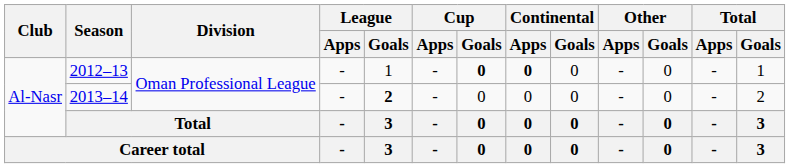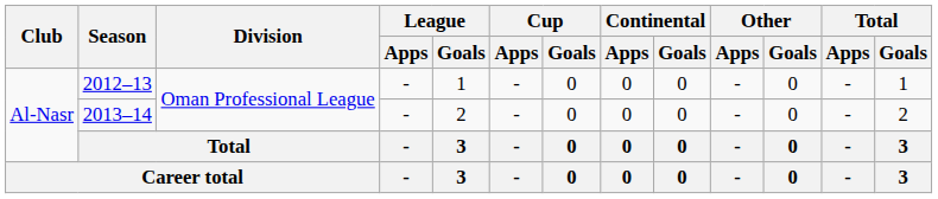 <table class="wikitable" style="text-align: center;">
 <tr>
 <th rowspan="2">Club</th>
 <th rowspan="2">Season</th>
 <th rowspan="2">Division</th>
 <th colspan="2">League</th>
 <th colspan="2">Cup</th>
 <th colspan="2">Continental</th>
 <th colspan="2">Other</th>
 <th colspan="2">Total</th>
 </tr>
 <tr>
 <th>Apps</th>
 <th>Goals</th>
 <th>Apps</th>
 <th>Goals</th>
 <th>Apps</th>
 <th>Goals</th>
 <th>Apps</th>
 <th>Goals</th>
 <th>Apps</th>
 <th>Goals</th>
 </tr>
 <tr>
 <td rowspan="3"><a href='#'>Al-Nasr</a></td>
 <td><a href='#'>2012–13</a></td>
 <td rowspan="2"><a href='#'>Oman Professional League</a></td>
 <td>-</td>
 <td>1</td>
 <td>-</td>
-<td><strong>0</strong></td>
-<td><strong>0</strong></td>
+<td>0</td>
+<td>0</td>
 <td>0</td>
 <td>-</td>
 <td>0</td>
 <td>-</td>
 <td>1</td>
 </tr>
 <tr>
 <td><a href='#'>2013–14</a></td>
 <td>-</td>
-<td><strong>2</strong></td>
+<td>2</td>
 <td>-</td>
 <td>0</td>
 <td>0</td>
 <td>0</td>
 <td>-</td>
 <td>0</td>
 <td>-</td>
 <td>2</td>
 </tr>
 <tr>
 <th colspan="2">Total</th>
 <th>-</th>
 <th>3</th>
 <th>-</th>
 <th>0</th>
 <th>0</th>
 <th>0</th>
 <th>-</th>
 <th>0</th>
 <th>-</th>
 <th>3</th>
 </tr>
 <tr>
 <th colspan="3">Career total</th>
 <th>-</th>
 <th>3</th>
 <th>-</th>
 <th>0</th>
 <th>0</th>
 <th>0</th>
 <th>-</th>
 <th>0</th>
 <th>-</th>
 <th>3</th>
 </tr>
 </table>
